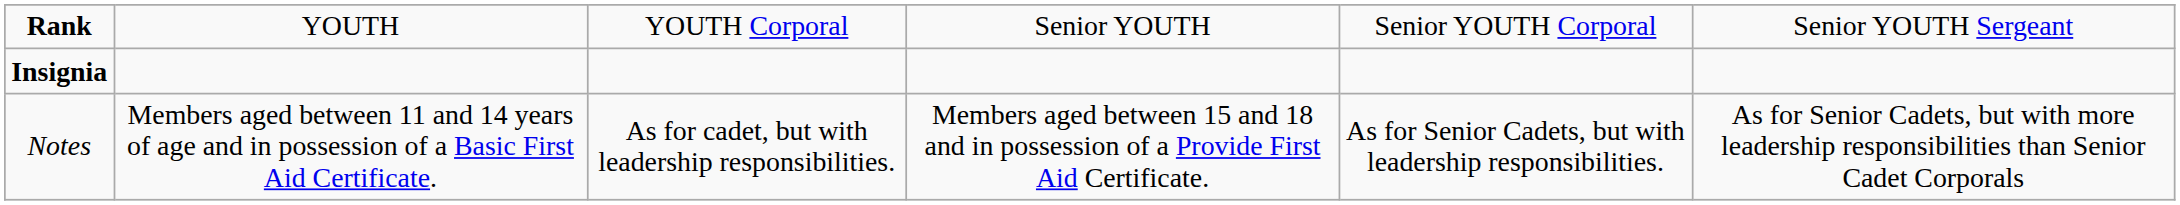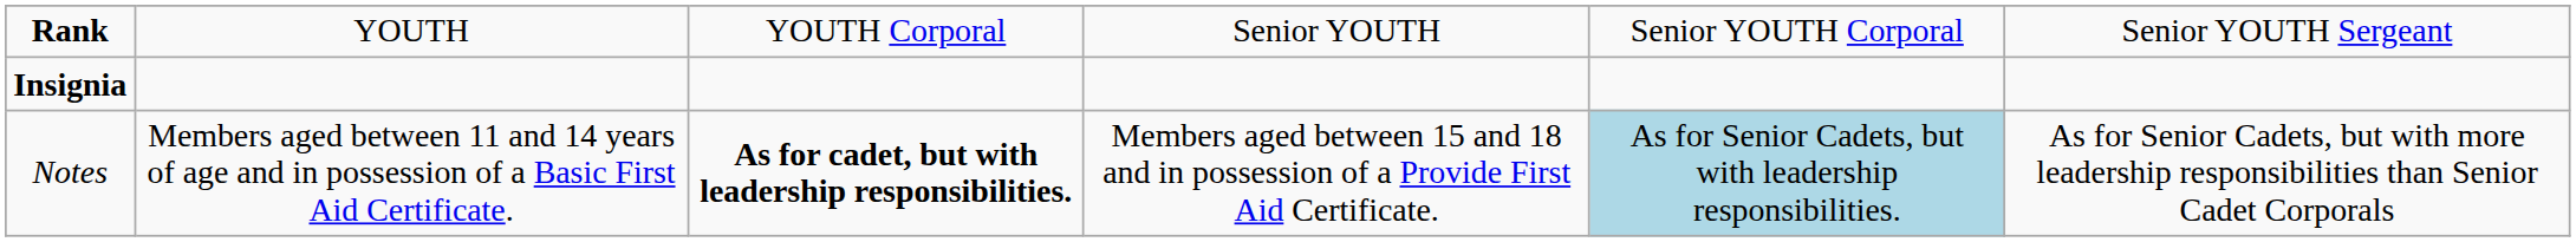 <table class="wikitable" style="text-align:center;">
 <tr>
 <td><strong>Rank</strong></td>
 <td>YOUTH</td>
 <td>YOUTH <a href='#'>Corporal</a></td>
 <td>Senior YOUTH</td>
 <td>Senior YOUTH <a href='#'>Corporal</a></td>
 <td>Senior YOUTH <a href='#'>Sergeant</a></td>
 </tr>
 <tr>
 <td><strong>Insignia</strong></td>
 <td></td>
 <td></td>
 <td></td>
 <td></td>
 <td></td>
 </tr>
 <tr>
 <td><em>Notes</em></td>
 <td>Members aged between 11 and 14 years of age and in possession of a <a href='#'>Basic First Aid Certificate</a>.</td>
-<td>As for cadet, but with leadership responsibilities.</td>
+<td><strong>As for cadet, but with leadership responsibilities.</strong></td>
 <td>Members aged between 15 and 18 and in possession of a <a href='#'>Provide First Aid</a> Certificate.</td>
-<td>As for Senior Cadets, but with leadership responsibilities.</td>
+<td style="background: lightblue;">As for Senior Cadets, but with leadership responsibilities.</td>
 <td>As for Senior Cadets, but with more leadership responsibilities than Senior Cadet Corporals</td>
 </tr>
 </table>
